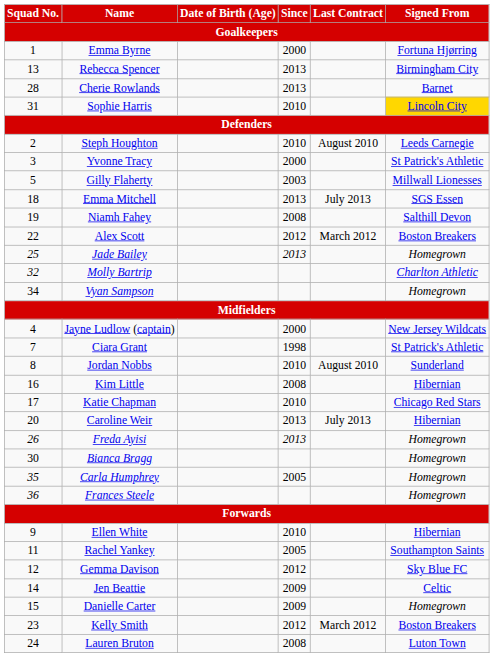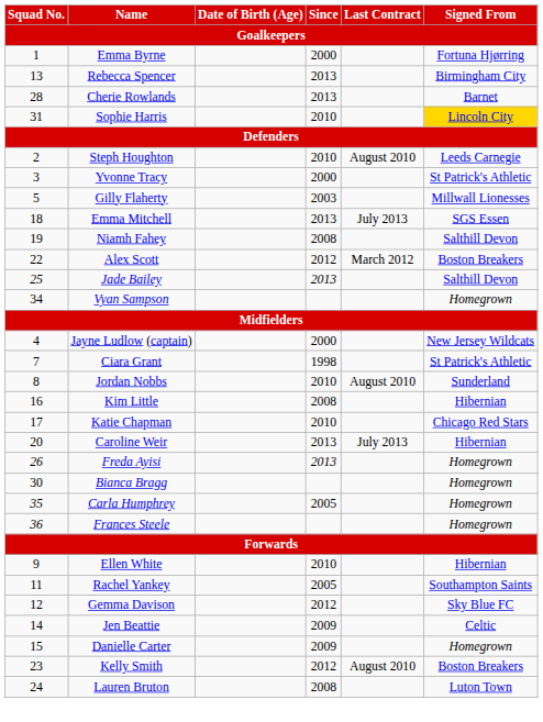 <table class="wikitable" style="text-align:center; font-size:100%; ">
 <tr>
 <th style="background:#d50000; color:white; text-align:center;">Squad No.</th>
 <th style="background:#d50000; color:white; text-align:center;">Name</th>
 <th style="background:#d50000; color:white; text-align:center;">Date of Birth (Age)</th>
 <th style="background:#d50000; color:white; text-align:center;">Since</th>
 <th style="background:#d50000; color:white; text-align:center;">Last Contract</th>
 <th style="background:#d50000; color:white; text-align:center;">Signed From</th>
 </tr>
 <tr>
 <th colspan="6" style="background:#d50000; color:white; text-align:center">Goalkeepers</th>
 </tr>
 <tr>
 <td>1</td>
 <td> <a href='#'>Emma Byrne</a></td>
 <td></td>
 <td>2000</td>
 <td></td>
 <td> <a href='#'>Fortuna Hjørring</a></td>
 </tr>
 <tr>
 <td>13</td>
 <td><em></em> <a href='#'>Rebecca Spencer</a></td>
 <td></td>
 <td>2013</td>
 <td></td>
 <td><em></em> <a href='#'>Birmingham City</a></td>
 </tr>
 <tr>
 <td>28</td>
 <td><em></em> <a href='#'>Cherie Rowlands</a></td>
 <td></td>
 <td>2013</td>
 <td></td>
 <td> <a href='#'>Barnet</a></td>
 </tr>
 <tr>
 <td>31</td>
 <td> <a href='#'>Sophie Harris</a></td>
 <td></td>
 <td>2010</td>
 <td></td>
 <td style="background: gold;"> <a href='#'>Lincoln City</a></td>
 </tr>
 <tr>
 <th colspan="6" style="background:#d50000; color:white; text-align:center">Defenders</th>
 </tr>
 <tr>
 <td>2</td>
 <td> <a href='#'>Steph Houghton</a></td>
 <td></td>
 <td>2010</td>
 <td>August 2010</td>
 <td> <a href='#'>Leeds Carnegie</a></td>
 </tr>
 <tr>
 <td>3</td>
 <td> <a href='#'>Yvonne Tracy</a></td>
 <td></td>
 <td>2000</td>
 <td></td>
 <td> <a href='#'>St Patrick's Athletic</a></td>
 </tr>
 <tr>
 <td>5</td>
 <td> <a href='#'>Gilly Flaherty</a></td>
 <td></td>
 <td>2003</td>
 <td></td>
 <td> <a href='#'>Millwall Lionesses</a></td>
 </tr>
 <tr>
 <td>18</td>
 <td> <a href='#'>Emma Mitchell</a></td>
 <td></td>
 <td>2013</td>
 <td>July 2013</td>
 <td> <a href='#'>SGS Essen</a></td>
 </tr>
 <tr>
 <td>19</td>
 <td> <a href='#'>Niamh Fahey</a></td>
 <td></td>
 <td>2008</td>
 <td></td>
 <td> <a href='#'>Salthill Devon</a></td>
 </tr>
 <tr>
 <td>22</td>
 <td> <a href='#'>Alex Scott</a></td>
 <td></td>
 <td>2012</td>
 <td>March 2012</td>
 <td> <a href='#'>Boston Breakers</a></td>
 </tr>
 <tr>
 <td><em>25</em></td>
 <td><em> <a href='#'>Jade Bailey</a></em></td>
 <td><em></em></td>
 <td><em>2013</em></td>
 <td></td>
-<td><em>Homegrown</em></td>
-</tr>
-<tr>
-<td><em>32</em></td>
-<td><em> <a href='#'>Molly Bartrip</a></em></td>
-<td><em></em></td>
-<td></td>
-<td></td>
-<td><em> <a href='#'>Charlton Athletic</a></em></td>
+<td> <a href='#'>Salthill Devon</a></td>
 </tr>
 <tr>
 <td>34</td>
 <td><em> <a href='#'>Vyan Sampson</a></em></td>
 <td><em></em></td>
 <td></td>
 <td></td>
 <td><em>Homegrown</em></td>
 </tr>
 <tr>
 <th colspan="6" style="background:#d50000; color:white; text-align:center">Midfielders</th>
 </tr>
 <tr>
 <td>4</td>
 <td> <a href='#'>Jayne Ludlow</a> (<a href='#'>captain</a>)</td>
 <td></td>
 <td>2000</td>
 <td></td>
 <td> <a href='#'>New Jersey Wildcats</a></td>
 </tr>
 <tr>
 <td>7</td>
 <td> <a href='#'>Ciara Grant</a></td>
 <td></td>
 <td>1998</td>
 <td></td>
 <td> <a href='#'>St Patrick's Athletic</a></td>
 </tr>
 <tr>
 <td>8</td>
 <td> <a href='#'>Jordan Nobbs</a></td>
 <td></td>
 <td>2010</td>
 <td>August 2010</td>
 <td> <a href='#'>Sunderland</a></td>
 </tr>
 <tr>
 <td>16</td>
 <td> <a href='#'>Kim Little</a></td>
 <td></td>
 <td>2008</td>
 <td></td>
 <td> <a href='#'>Hibernian</a></td>
 </tr>
 <tr>
 <td>17</td>
 <td><em></em> <a href='#'>Katie Chapman</a></td>
 <td></td>
 <td>2010</td>
 <td></td>
 <td> <a href='#'>Chicago Red Stars</a></td>
 </tr>
 <tr>
 <td>20</td>
 <td> <a href='#'>Caroline Weir</a></td>
 <td></td>
 <td>2013</td>
 <td>July 2013</td>
 <td> <a href='#'>Hibernian</a></td>
 </tr>
 <tr>
 <td><em>26</em></td>
 <td><em> <a href='#'>Freda Ayisi</a></em></td>
 <td><em></em></td>
 <td><em>2013</em></td>
 <td></td>
 <td><em>Homegrown</em></td>
 </tr>
 <tr>
 <td>30</td>
 <td><em> <a href='#'>Bianca Bragg</a></em></td>
 <td><em></em></td>
 <td></td>
 <td></td>
 <td><em>Homegrown</em></td>
 </tr>
 <tr>
 <td><em>35</em></td>
 <td><em> <a href='#'>Carla Humphrey</a></em></td>
 <td><em></em></td>
 <td>2005</td>
 <td></td>
 <td><em>Homegrown</em></td>
 </tr>
 <tr>
 <td><em>36</em></td>
 <td> <em><a href='#'>Frances Steele</a></em></td>
 <td><em></em></td>
 <td></td>
 <td></td>
 <td><em>Homegrown</em></td>
 </tr>
 <tr>
 <th colspan="6" style="background:#d50000; color:white; text-align:center">Forwards</th>
 </tr>
 <tr>
 <td>9</td>
 <td> <a href='#'>Ellen White</a></td>
 <td></td>
 <td>2010</td>
 <td></td>
 <td> <a href='#'>Hibernian</a></td>
 </tr>
 <tr>
 <td>11</td>
 <td> <a href='#'>Rachel Yankey</a></td>
 <td></td>
 <td>2005</td>
 <td></td>
 <td><em></em> <a href='#'>Southampton Saints</a></td>
 </tr>
 <tr>
 <td>12</td>
 <td> <a href='#'>Gemma Davison</a></td>
 <td></td>
 <td>2012</td>
 <td></td>
 <td> <a href='#'>Sky Blue FC</a></td>
 </tr>
 <tr>
 <td>14</td>
 <td> <a href='#'>Jen Beattie</a></td>
 <td></td>
 <td>2009</td>
 <td></td>
 <td> <a href='#'>Celtic</a></td>
 </tr>
 <tr>
 <td>15</td>
 <td> <a href='#'>Danielle Carter</a></td>
 <td></td>
 <td>2009</td>
 <td></td>
 <td><em>Homegrown</em></td>
 </tr>
 <tr>
 <td>23</td>
 <td> <a href='#'>Kelly Smith</a></td>
 <td></td>
 <td>2012</td>
-<td>March 2012</td>
+<td>August 2010</td>
 <td> <a href='#'>Boston Breakers</a></td>
 </tr>
 <tr>
 <td>24</td>
 <td> <a href='#'>Lauren Bruton</a></td>
 <td></td>
 <td>2008</td>
 <td></td>
 <td> <a href='#'>Luton Town</a></td>
 </tr>
 </table>
